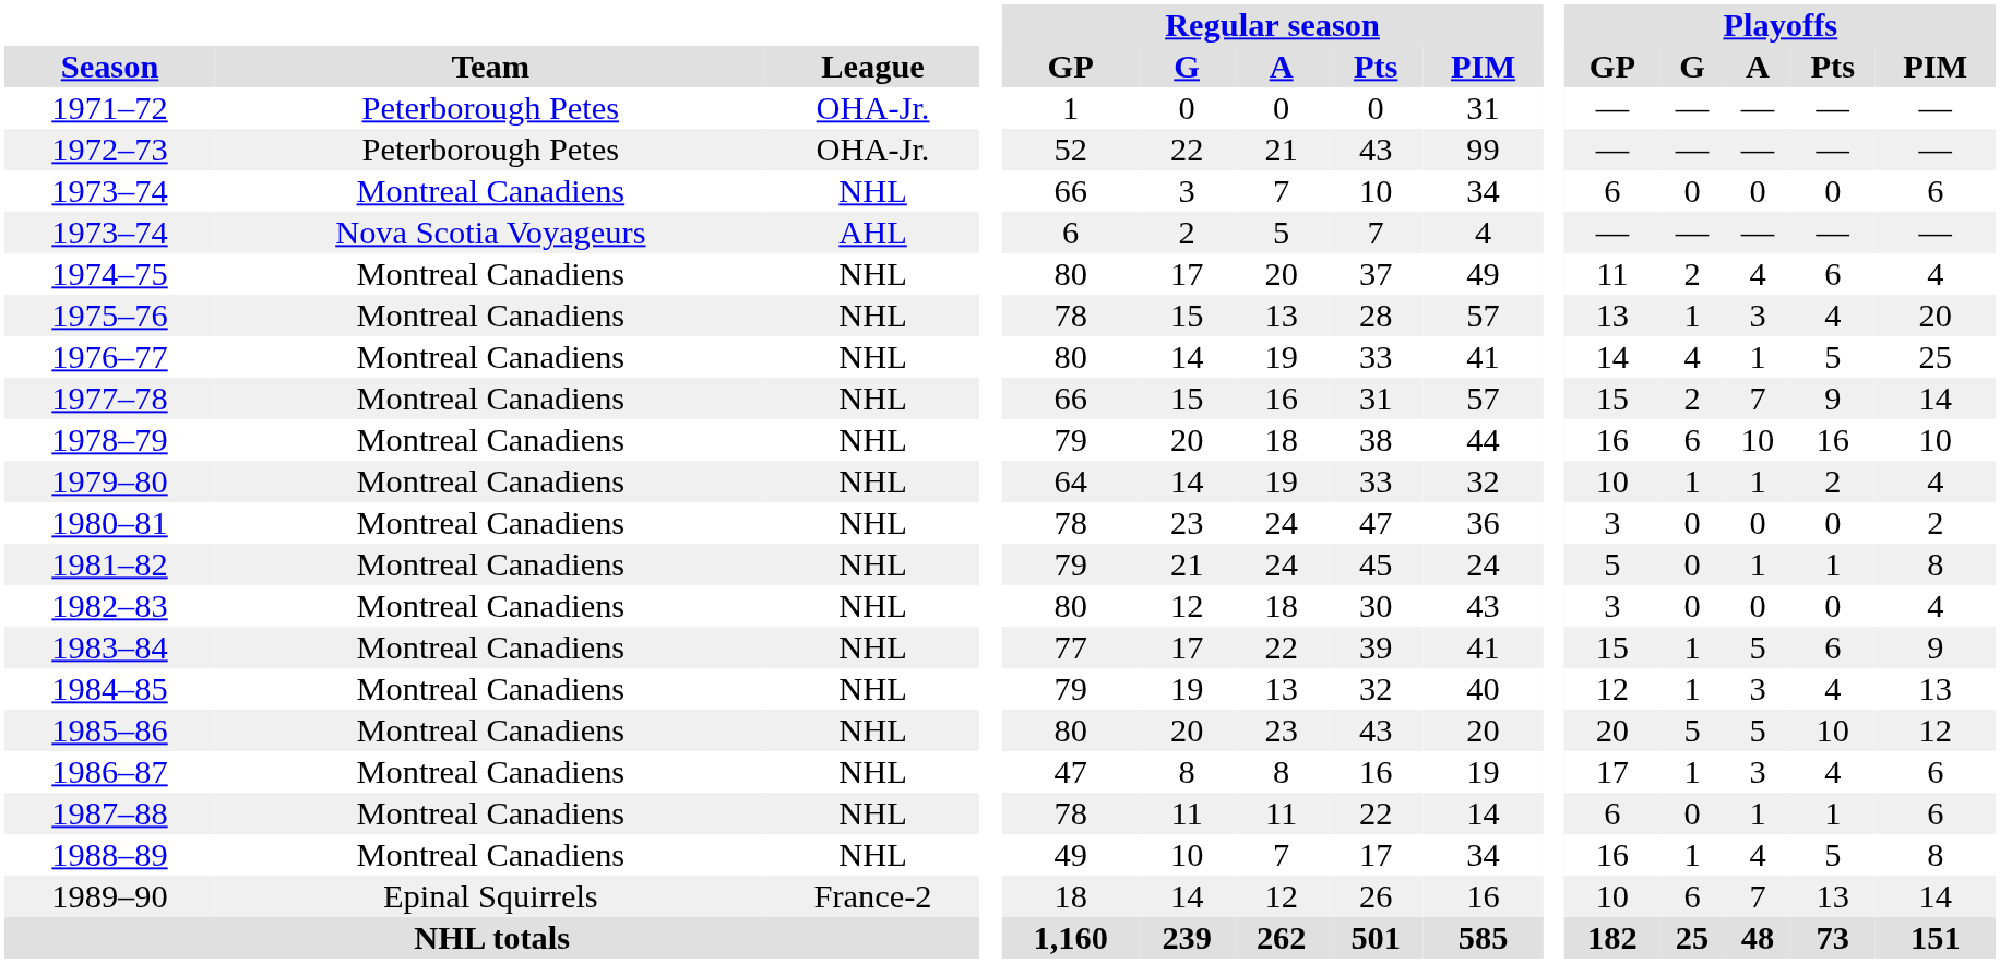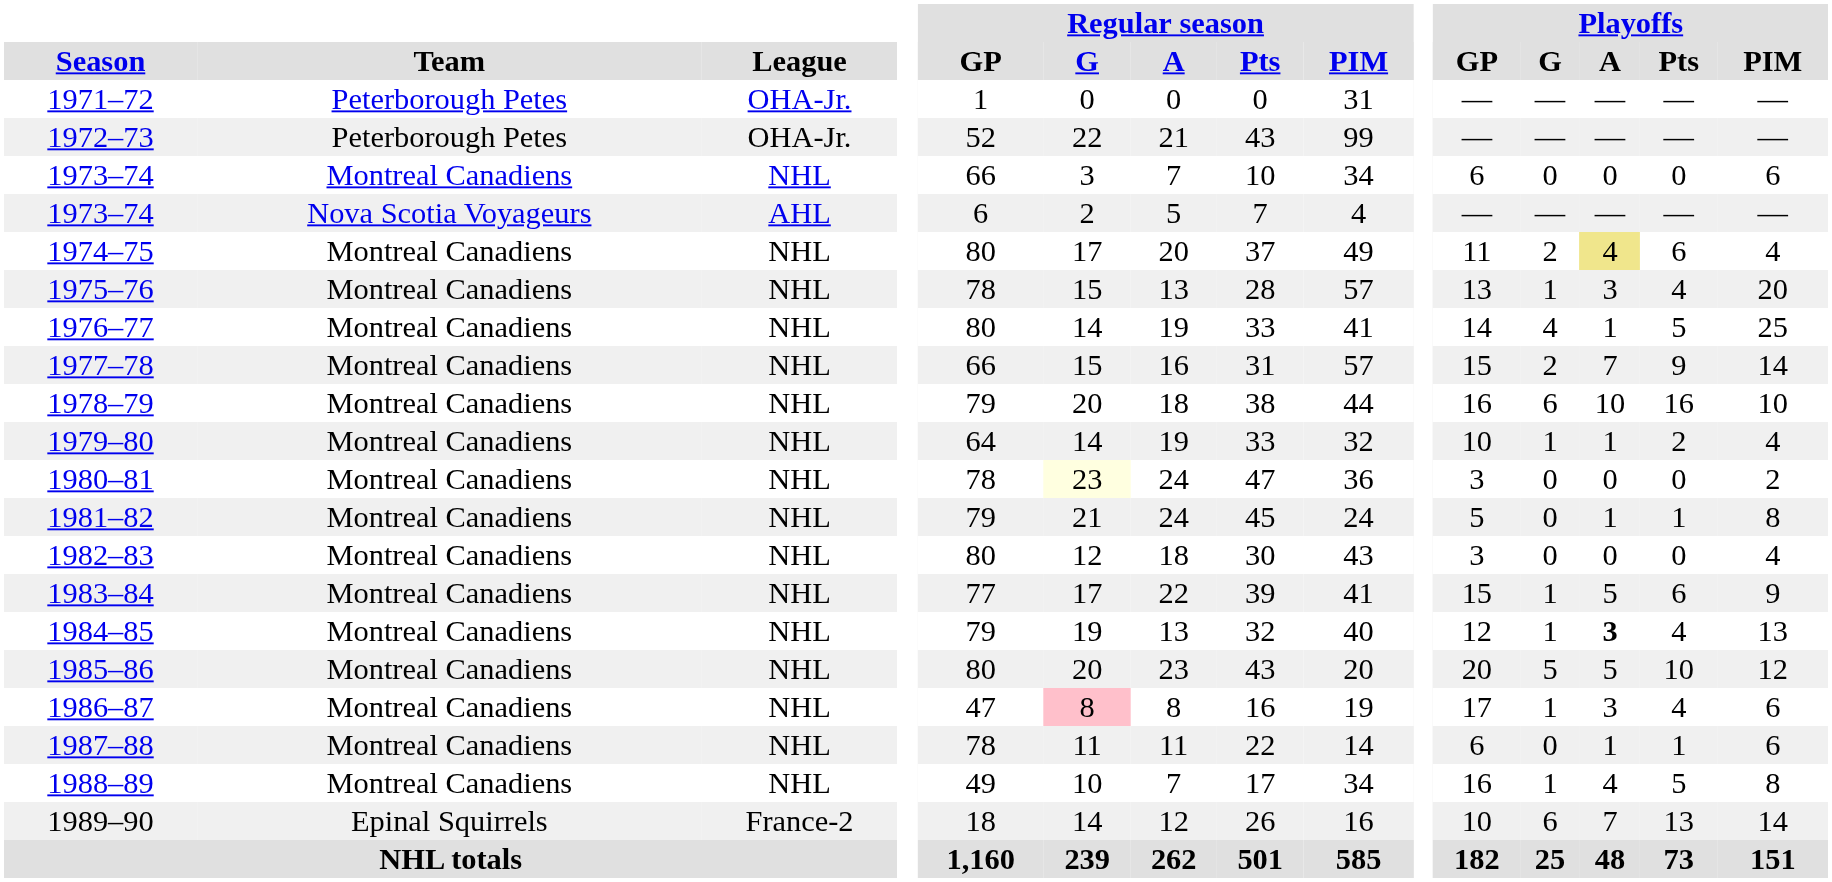 <table border="0" cellpadding="1" cellspacing="0" style="text-align:center; width:60em;">
 <tr style="background:#e0e0e0;">
 <th colspan="3"  bgcolor="#ffffff"> </th>
 <th rowspan="99" bgcolor="#ffffff"> </th>
 <th colspan="5"><a href='#'>Regular season</a></th>
 <th rowspan="99" bgcolor="#ffffff"> </th>
 <th colspan="5"><a href='#'>Playoffs</a></th>
 </tr>
 <tr style="background:#e0e0e0;">
 <th><a href='#'>Season</a></th>
 <th>Team</th>
 <th>League</th>
 <th>GP</th>
 <th><a href='#'>G</a></th>
 <th><a href='#'>A</a></th>
 <th><a href='#'>Pts</a></th>
 <th><a href='#'>PIM</a></th>
 <th>GP</th>
 <th>G</th>
 <th>A</th>
 <th>Pts</th>
 <th>PIM</th>
 </tr>
 <tr>
 <td><a href='#'>1971–72</a></td>
 <td><a href='#'>Peterborough Petes</a></td>
 <td><a href='#'>OHA-Jr.</a></td>
 <td>1</td>
 <td>0</td>
 <td>0</td>
 <td>0</td>
 <td>31</td>
 <td>—</td>
 <td>—</td>
 <td>—</td>
 <td>—</td>
 <td>—</td>
 </tr>
 <tr bgcolor="#f0f0f0">
 <td><a href='#'>1972–73</a></td>
 <td>Peterborough Petes</td>
 <td>OHA-Jr.</td>
 <td>52</td>
 <td>22</td>
 <td>21</td>
 <td>43</td>
 <td>99</td>
 <td>—</td>
 <td>—</td>
 <td>—</td>
 <td>—</td>
 <td>—</td>
 </tr>
 <tr>
 <td><a href='#'>1973–74</a></td>
 <td><a href='#'>Montreal Canadiens</a></td>
 <td><a href='#'>NHL</a></td>
 <td>66</td>
 <td>3</td>
 <td>7</td>
 <td>10</td>
 <td>34</td>
 <td>6</td>
 <td>0</td>
 <td>0</td>
 <td>0</td>
 <td>6</td>
 </tr>
 <tr bgcolor="#f0f0f0">
 <td><a href='#'>1973–74</a></td>
 <td><a href='#'>Nova Scotia Voyageurs</a></td>
 <td><a href='#'>AHL</a></td>
 <td>6</td>
 <td>2</td>
 <td>5</td>
 <td>7</td>
 <td>4</td>
 <td>—</td>
 <td>—</td>
 <td>—</td>
 <td>—</td>
 <td>—</td>
 </tr>
 <tr>
 <td><a href='#'>1974–75</a></td>
 <td>Montreal Canadiens</td>
 <td>NHL</td>
 <td>80</td>
 <td>17</td>
 <td>20</td>
 <td>37</td>
 <td>49</td>
 <td>11</td>
 <td>2</td>
-<td>4</td>
+<td style="background: khaki;">4</td>
 <td>6</td>
 <td>4</td>
 </tr>
 <tr bgcolor="#f0f0f0">
 <td><a href='#'>1975–76</a></td>
 <td>Montreal Canadiens</td>
 <td>NHL</td>
 <td>78</td>
 <td>15</td>
 <td>13</td>
 <td>28</td>
 <td>57</td>
 <td>13</td>
 <td>1</td>
 <td>3</td>
 <td>4</td>
 <td>20</td>
 </tr>
 <tr>
 <td><a href='#'>1976–77</a></td>
 <td>Montreal Canadiens</td>
 <td>NHL</td>
 <td>80</td>
 <td>14</td>
 <td>19</td>
 <td>33</td>
 <td>41</td>
 <td>14</td>
 <td>4</td>
 <td>1</td>
 <td>5</td>
 <td>25</td>
 </tr>
 <tr bgcolor="#f0f0f0">
 <td><a href='#'>1977–78</a></td>
 <td>Montreal Canadiens</td>
 <td>NHL</td>
 <td>66</td>
 <td>15</td>
 <td>16</td>
 <td>31</td>
 <td>57</td>
 <td>15</td>
 <td>2</td>
 <td>7</td>
 <td>9</td>
 <td>14</td>
 </tr>
 <tr>
 <td><a href='#'>1978–79</a></td>
 <td>Montreal Canadiens</td>
 <td>NHL</td>
 <td>79</td>
 <td>20</td>
 <td>18</td>
 <td>38</td>
 <td>44</td>
 <td>16</td>
 <td>6</td>
 <td>10</td>
 <td>16</td>
 <td>10</td>
 </tr>
 <tr bgcolor="#f0f0f0">
 <td><a href='#'>1979–80</a></td>
 <td>Montreal Canadiens</td>
 <td>NHL</td>
 <td>64</td>
 <td>14</td>
 <td>19</td>
 <td>33</td>
 <td>32</td>
 <td>10</td>
 <td>1</td>
 <td>1</td>
 <td>2</td>
 <td>4</td>
 </tr>
 <tr>
 <td><a href='#'>1980–81</a></td>
 <td>Montreal Canadiens</td>
 <td>NHL</td>
 <td>78</td>
-<td>23</td>
+<td style="background: lightyellow;">23</td>
 <td>24</td>
 <td>47</td>
 <td>36</td>
 <td>3</td>
 <td>0</td>
 <td>0</td>
 <td>0</td>
 <td>2</td>
 </tr>
 <tr bgcolor="#f0f0f0">
 <td><a href='#'>1981–82</a></td>
 <td>Montreal Canadiens</td>
 <td>NHL</td>
 <td>79</td>
 <td>21</td>
 <td>24</td>
 <td>45</td>
 <td>24</td>
 <td>5</td>
 <td>0</td>
 <td>1</td>
 <td>1</td>
 <td>8</td>
 </tr>
 <tr>
 <td><a href='#'>1982–83</a></td>
 <td>Montreal Canadiens</td>
 <td>NHL</td>
 <td>80</td>
 <td>12</td>
 <td>18</td>
 <td>30</td>
 <td>43</td>
 <td>3</td>
 <td>0</td>
 <td>0</td>
 <td>0</td>
 <td>4</td>
 </tr>
 <tr bgcolor="#f0f0f0">
 <td><a href='#'>1983–84</a></td>
 <td>Montreal Canadiens</td>
 <td>NHL</td>
 <td>77</td>
 <td>17</td>
 <td>22</td>
 <td>39</td>
 <td>41</td>
 <td>15</td>
 <td>1</td>
 <td>5</td>
 <td>6</td>
 <td>9</td>
 </tr>
 <tr>
 <td><a href='#'>1984–85</a></td>
 <td>Montreal Canadiens</td>
 <td>NHL</td>
 <td>79</td>
 <td>19</td>
 <td>13</td>
 <td>32</td>
 <td>40</td>
 <td>12</td>
 <td>1</td>
-<td>3</td>
+<td><strong>3</strong></td>
 <td>4</td>
 <td>13</td>
 </tr>
 <tr bgcolor="#f0f0f0">
 <td><a href='#'>1985–86</a></td>
 <td>Montreal Canadiens</td>
 <td>NHL</td>
 <td>80</td>
 <td>20</td>
 <td>23</td>
 <td>43</td>
 <td>20</td>
 <td>20</td>
 <td>5</td>
 <td>5</td>
 <td>10</td>
 <td>12</td>
 </tr>
 <tr>
 <td><a href='#'>1986–87</a></td>
 <td>Montreal Canadiens</td>
 <td>NHL</td>
 <td>47</td>
-<td>8</td>
+<td style="background: pink;">8</td>
 <td>8</td>
 <td>16</td>
 <td>19</td>
 <td>17</td>
 <td>1</td>
 <td>3</td>
 <td>4</td>
 <td>6</td>
 </tr>
 <tr bgcolor="#f0f0f0">
 <td><a href='#'>1987–88</a></td>
 <td>Montreal Canadiens</td>
 <td>NHL</td>
 <td>78</td>
 <td>11</td>
 <td>11</td>
 <td>22</td>
 <td>14</td>
 <td>6</td>
 <td>0</td>
 <td>1</td>
 <td>1</td>
 <td>6</td>
 </tr>
 <tr>
 <td><a href='#'>1988–89</a></td>
 <td>Montreal Canadiens</td>
 <td>NHL</td>
 <td>49</td>
 <td>10</td>
 <td>7</td>
 <td>17</td>
 <td>34</td>
 <td>16</td>
 <td>1</td>
 <td>4</td>
 <td>5</td>
 <td>8</td>
 </tr>
 <tr bgcolor="#f0f0f0">
 <td>1989–90</td>
 <td>Epinal Squirrels</td>
 <td>France-2</td>
 <td>18</td>
 <td>14</td>
 <td>12</td>
 <td>26</td>
 <td>16</td>
 <td>10</td>
 <td>6</td>
 <td>7</td>
 <td>13</td>
 <td>14</td>
 </tr>
 <tr bgcolor="#e0e0e0">
 <th colspan="3">NHL totals</th>
 <th>1,160</th>
 <th>239</th>
 <th>262</th>
 <th>501</th>
 <th>585</th>
 <th>182</th>
 <th>25</th>
 <th>48</th>
 <th>73</th>
 <th>151</th>
 </tr>
 </table>
